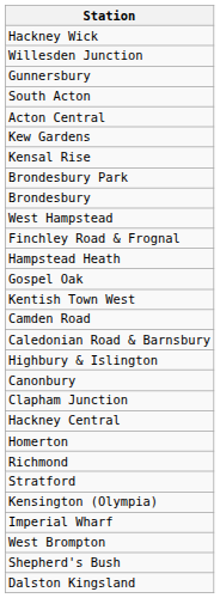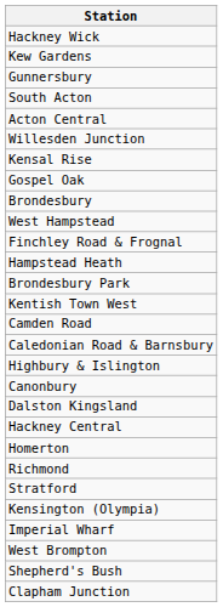 <table class="wikitable">
 <tr>
 <th>Station</th>
 </tr>
 <tr>
 <td>Hackney Wick</td>
 </tr>
 <tr>
-<td>Willesden Junction</td>
+<td>Kew Gardens</td>
 </tr>
 <tr>
 <td>Gunnersbury</td>
 </tr>
 <tr>
 <td>South Acton</td>
 </tr>
 <tr>
 <td>Acton Central</td>
 </tr>
 <tr>
-<td>Kew Gardens</td>
+<td>Willesden Junction</td>
 </tr>
 <tr>
 <td>Kensal Rise</td>
 </tr>
 <tr>
-<td>Brondesbury Park</td>
+<td>Gospel Oak</td>
 </tr>
 <tr>
 <td>Brondesbury</td>
 </tr>
 <tr>
 <td>West Hampstead</td>
 </tr>
 <tr>
 <td>Finchley Road & Frognal</td>
 </tr>
 <tr>
 <td>Hampstead Heath</td>
 </tr>
 <tr>
-<td>Gospel Oak</td>
+<td>Brondesbury Park</td>
 </tr>
 <tr>
 <td>Kentish Town West</td>
 </tr>
 <tr>
 <td>Camden Road</td>
 </tr>
 <tr>
 <td>Caledonian Road & Barnsbury</td>
 </tr>
 <tr>
 <td>Highbury & Islington</td>
 </tr>
 <tr>
 <td>Canonbury</td>
 </tr>
 <tr>
-<td>Clapham Junction</td>
+<td>Dalston Kingsland</td>
 </tr>
 <tr>
 <td>Hackney Central</td>
 </tr>
 <tr>
 <td>Homerton</td>
 </tr>
 <tr>
 <td>Richmond</td>
 </tr>
 <tr>
 <td>Stratford</td>
 </tr>
 <tr>
 <td>Kensington (Olympia)</td>
 </tr>
 <tr>
 <td>Imperial Wharf</td>
 </tr>
 <tr>
 <td>West Brompton</td>
 </tr>
 <tr>
 <td>Shepherd's Bush</td>
 </tr>
 <tr>
-<td>Dalston Kingsland</td>
+<td>Clapham Junction</td>
 </tr>
 </table>
